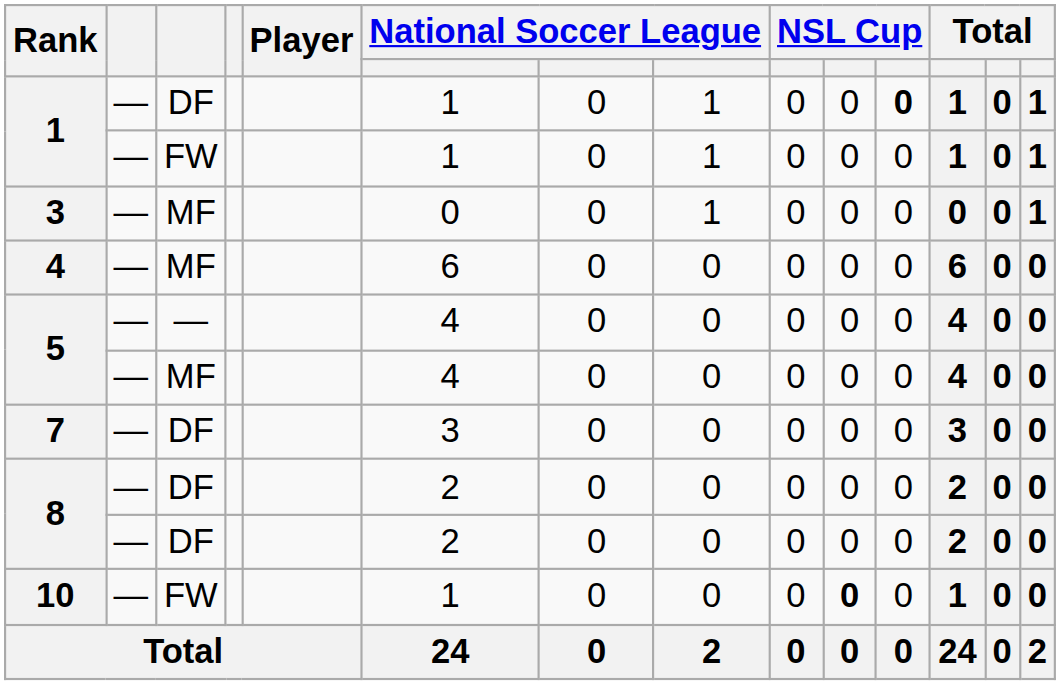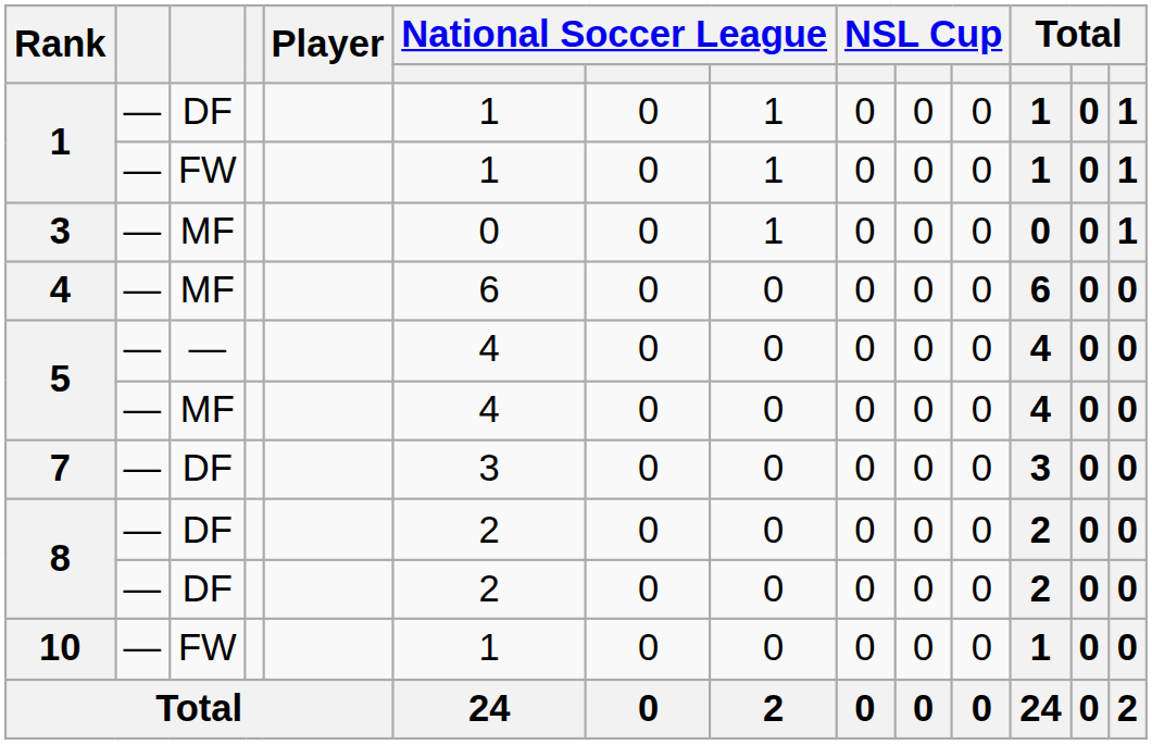 <table class="wikitable sortable" style="text-align:center">
 <tr>
 <th rowspan="2">Rank</th>
 <th rowspan="2"></th>
 <th rowspan="2"></th>
 <th rowspan="2"></th>
 <th rowspan="2">Player</th>
 <th colspan="3"><a href='#'>National Soccer League</a></th>
 <th colspan="3"><a href='#'>NSL Cup</a></th>
 <th colspan="3">Total</th>
 </tr>
 <tr>
 <th></th>
 <th></th>
 <th></th>
 <th></th>
 <th></th>
 <th></th>
 <th></th>
 <th></th>
 <th></th>
 </tr>
 <tr>
 <th rowspan="2">1</th>
 <td>—</td>
 <td>DF</td>
 <td></td>
 <td align="left"><br></td>
 <td>1</td>
 <td>0</td>
 <td>1<br></td>
 <td>0</td>
 <td>0</td>
-<td><strong>0<br></strong></td>
+<td>0<br></td>
 <th>1</th>
 <th>0</th>
 <th>1</th>
 </tr>
 <tr>
 <td>—</td>
 <td>FW</td>
 <td></td>
 <td align="left"><br></td>
 <td>1</td>
 <td>0</td>
 <td>1<br></td>
 <td>0</td>
 <td>0</td>
 <td>0<br></td>
 <th>1</th>
 <th>0</th>
 <th>1</th>
 </tr>
 <tr>
 <th>3</th>
 <td>—</td>
 <td>MF</td>
 <td></td>
 <td align="left"><br></td>
 <td>0</td>
 <td>0</td>
 <td>1<br></td>
 <td>0</td>
 <td>0</td>
 <td>0<br></td>
 <th>0</th>
 <th>0</th>
 <th>1</th>
 </tr>
 <tr>
 <th>4</th>
 <td>—</td>
 <td>MF</td>
 <td></td>
 <td align="left"><br></td>
 <td>6</td>
 <td>0</td>
 <td>0<br></td>
 <td>0</td>
 <td>0</td>
 <td>0<br></td>
 <th>6</th>
 <th>0</th>
 <th>0</th>
 </tr>
 <tr>
 <th rowspan="2">5</th>
 <td>—</td>
 <td>—</td>
 <td></td>
 <td align="left"><br></td>
 <td>4</td>
 <td>0</td>
 <td>0<br></td>
 <td>0</td>
 <td>0</td>
 <td>0<br></td>
 <th>4</th>
 <th>0</th>
 <th>0</th>
 </tr>
 <tr>
 <td>—</td>
 <td>MF</td>
 <td></td>
 <td align="left"><br></td>
 <td>4</td>
 <td>0</td>
 <td>0<br></td>
 <td>0</td>
 <td>0</td>
 <td>0<br></td>
 <th>4</th>
 <th>0</th>
 <th>0</th>
 </tr>
 <tr>
 <th>7</th>
 <td>—</td>
 <td>DF</td>
 <td></td>
 <td align="left"><br></td>
 <td>3</td>
 <td>0</td>
 <td>0<br></td>
 <td>0</td>
 <td>0</td>
 <td>0<br></td>
 <th>3</th>
 <th>0</th>
 <th>0</th>
 </tr>
 <tr>
 <th rowspan="2">8</th>
 <td>—</td>
 <td>DF</td>
 <td></td>
 <td align="left"><br></td>
 <td>2</td>
 <td>0</td>
 <td>0<br></td>
 <td>0</td>
 <td>0</td>
 <td>0<br></td>
 <th>2</th>
 <th>0</th>
 <th>0</th>
 </tr>
 <tr>
 <td>—</td>
 <td>DF</td>
 <td></td>
 <td align="left"><br></td>
 <td>2</td>
 <td>0</td>
 <td>0<br></td>
 <td>0</td>
 <td>0</td>
 <td>0<br></td>
 <th>2</th>
 <th>0</th>
 <th>0</th>
 </tr>
 <tr>
 <th>10</th>
 <td>—</td>
 <td>FW</td>
 <td></td>
 <td align="left"><br></td>
 <td>1</td>
 <td>0</td>
 <td>0<br></td>
 <td>0</td>
-<td><strong>0</strong></td>
+<td>0</td>
 <td>0<br></td>
 <th>1</th>
 <th>0</th>
 <th>0</th>
 </tr>
 <tr>
 <th colspan="5">Total<br></th>
 <th>24</th>
 <th>0</th>
 <th>2<br></th>
 <th>0</th>
 <th>0</th>
 <th>0<br></th>
 <th>24</th>
 <th>0</th>
 <th>2</th>
 </tr>
 </table>
